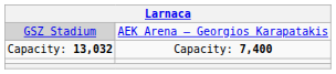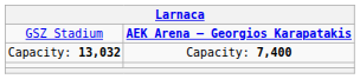 <table class="wikitable" style="text-align:center">
 <tr>
 <th colspan=2><a href='#'>Larnaca</a></th>
 </tr>
 <tr>
-<td style="background: lightgrey;"><a href='#'>GSZ Stadium</a></td>
-<td><a href='#'>AEK Arena – Georgios Karapatakis</a></td>
+<td><a href='#'>GSZ Stadium</a></td>
+<td><strong><a href='#'>AEK Arena – Georgios Karapatakis</a></strong></td>
 </tr>
 <tr>
 <td>Capacity: <strong>13,032</strong></td>
 <td>Capacity: <strong>7,400</strong></td>
 </tr>
 <tr>
 <td></td>
 <td></td>
 </tr>
 <tr>
 <th rowspan=13 colspan=3></th>
 </tr>
 </table>
